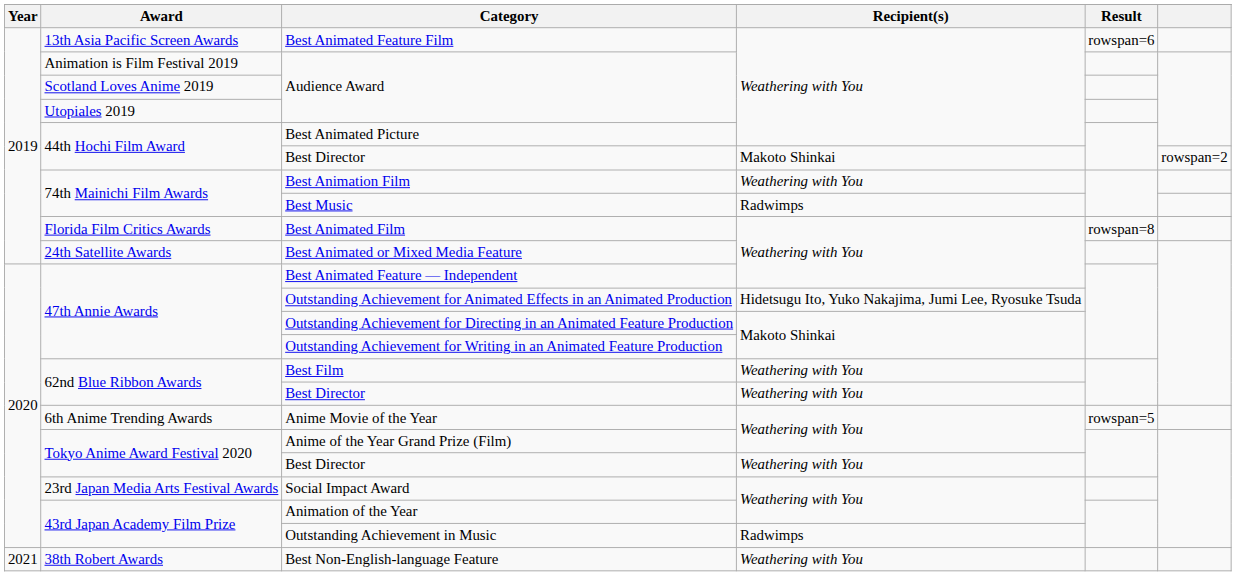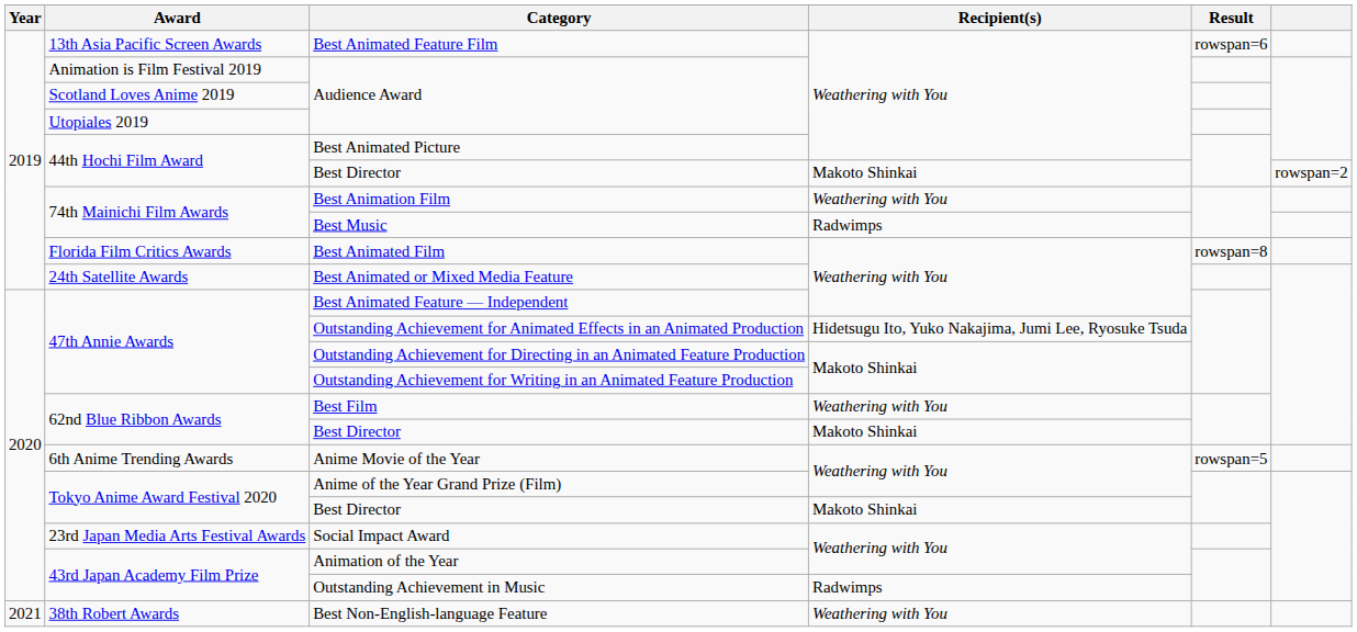 <table class="wikitable sortable">
 <tr style="background:#ccc; text-align:center;">
 </tr>
 <tr>
 <th>Year</th>
 <th>Award</th>
 <th>Category</th>
 <th>Recipient(s)</th>
 <th>Result</th>
 <th></th>
 </tr>
 <tr>
 <td rowspan="10">2019</td>
 <td><a href='#'>13th Asia Pacific Screen Awards</a></td>
 <td><a href='#'>Best Animated Feature Film</a></td>
 <td rowspan="5"><em>Weathering with You</em></td>
 <td>rowspan=6 </td>
 <td></td>
 </tr>
 <tr>
 <td>Animation is Film Festival 2019</td>
 <td rowspan="3">Audience Award</td>
 <td></td>
 </tr>
 <tr>
 <td><a href='#'>Scotland Loves Anime</a> 2019</td>
 <td></td>
 </tr>
 <tr>
 <td><a href='#'>Utopiales</a> 2019</td>
 <td></td>
 </tr>
 <tr>
 <td rowspan="2">44th <a href='#'>Hochi Film Award</a></td>
 <td>Best Animated Picture</td>
 <td rowspan="2"></td>
 </tr>
 <tr>
 <td>Best Director</td>
 <td>Makoto Shinkai</td>
 <td>rowspan=2 </td>
 </tr>
 <tr>
 <td rowspan="2">74th <a href='#'>Mainichi Film Awards</a></td>
 <td><a href='#'>Best Animation Film</a></td>
 <td><em>Weathering with You</em></td>
 <td rowspan="2"></td>
 </tr>
 <tr>
 <td><a href='#'>Best Music</a></td>
 <td>Radwimps</td>
 <td></td>
 </tr>
 <tr>
 <td><a href='#'>Florida Film Critics Awards</a></td>
 <td><a href='#'>Best Animated Film</a></td>
 <td rowspan="3"><em>Weathering with You</em></td>
 <td>rowspan=8 </td>
 <td></td>
 </tr>
 <tr>
 <td><a href='#'>24th Satellite Awards</a></td>
 <td><a href='#'>Best Animated or Mixed Media Feature</a></td>
 <td></td>
 </tr>
 <tr>
 <td rowspan="12">2020</td>
 <td rowspan="4"><a href='#'>47th Annie Awards</a></td>
 <td><a href='#'>Best Animated Feature — Independent</a></td>
 <td rowspan="4"></td>
 </tr>
 <tr>
 <td><a href='#'>Outstanding Achievement for Animated Effects in an Animated Production</a></td>
 <td>Hidetsugu Ito, Yuko Nakajima, Jumi Lee, Ryosuke Tsuda</td>
 </tr>
 <tr>
 <td><a href='#'>Outstanding Achievement for Directing in an Animated Feature Production</a></td>
 <td rowspan="2">Makoto Shinkai</td>
 </tr>
 <tr>
 <td><a href='#'>Outstanding Achievement for Writing in an Animated Feature Production</a></td>
 </tr>
 <tr>
 <td rowspan="2">62nd <a href='#'>Blue Ribbon Awards</a></td>
 <td><a href='#'>Best Film</a></td>
 <td><em>Weathering with You</em></td>
 <td rowspan="2"></td>
 </tr>
 <tr>
 <td><a href='#'>Best Director</a></td>
-<td><em>Weathering with You</em></td>
+<td>Makoto Shinkai</td>
 </tr>
 <tr>
 <td>6th Anime Trending Awards</td>
 <td>Anime Movie of the Year</td>
 <td rowspan="2"><em>Weathering with You</em></td>
 <td>rowspan=5 </td>
 <td></td>
 </tr>
 <tr>
 <td rowspan="2"><a href='#'>Tokyo Anime Award Festival</a> 2020</td>
 <td>Anime of the Year Grand Prize (Film)</td>
 <td rowspan="2"></td>
 </tr>
 <tr>
 <td>Best Director</td>
-<td><em>Weathering with You</em></td>
+<td>Makoto Shinkai</td>
 </tr>
 <tr>
 <td>23rd <a href='#'>Japan Media Arts Festival Awards</a></td>
 <td>Social Impact Award</td>
 <td rowspan="2"><em>Weathering with You</em></td>
 <td></td>
 </tr>
 <tr>
 <td rowspan="2"><a href='#'>43rd Japan Academy Film Prize</a></td>
 <td>Animation of the Year</td>
 <td rowspan="2"></td>
 </tr>
 <tr>
 <td>Outstanding Achievement in Music</td>
 <td>Radwimps</td>
 </tr>
 <tr>
 <td>2021</td>
 <td><a href='#'>38th Robert Awards</a></td>
 <td>Best Non-English-language Feature</td>
 <td><em>Weathering with You</em></td>
 <td></td>
 <td></td>
 </tr>
 </table>
